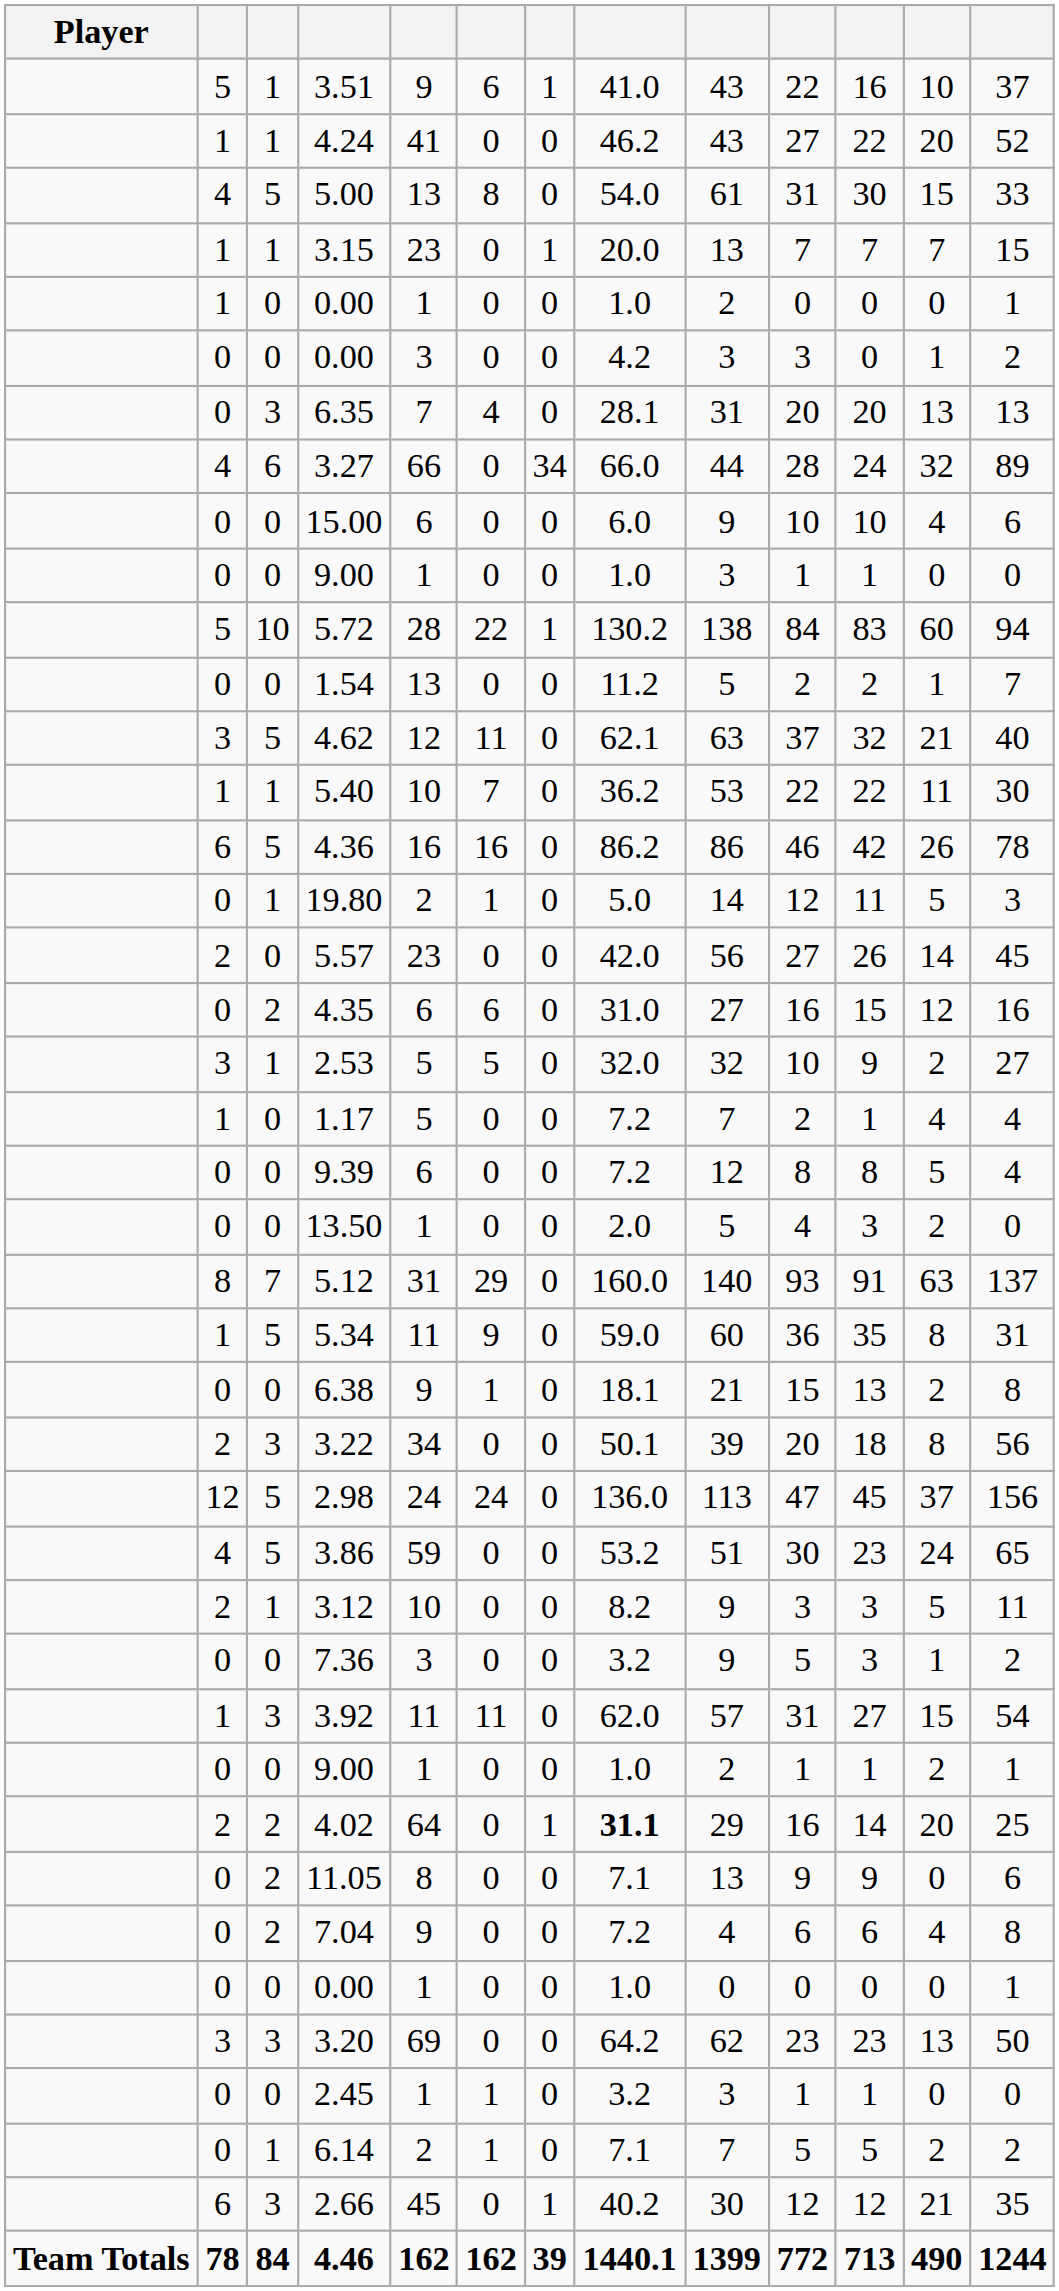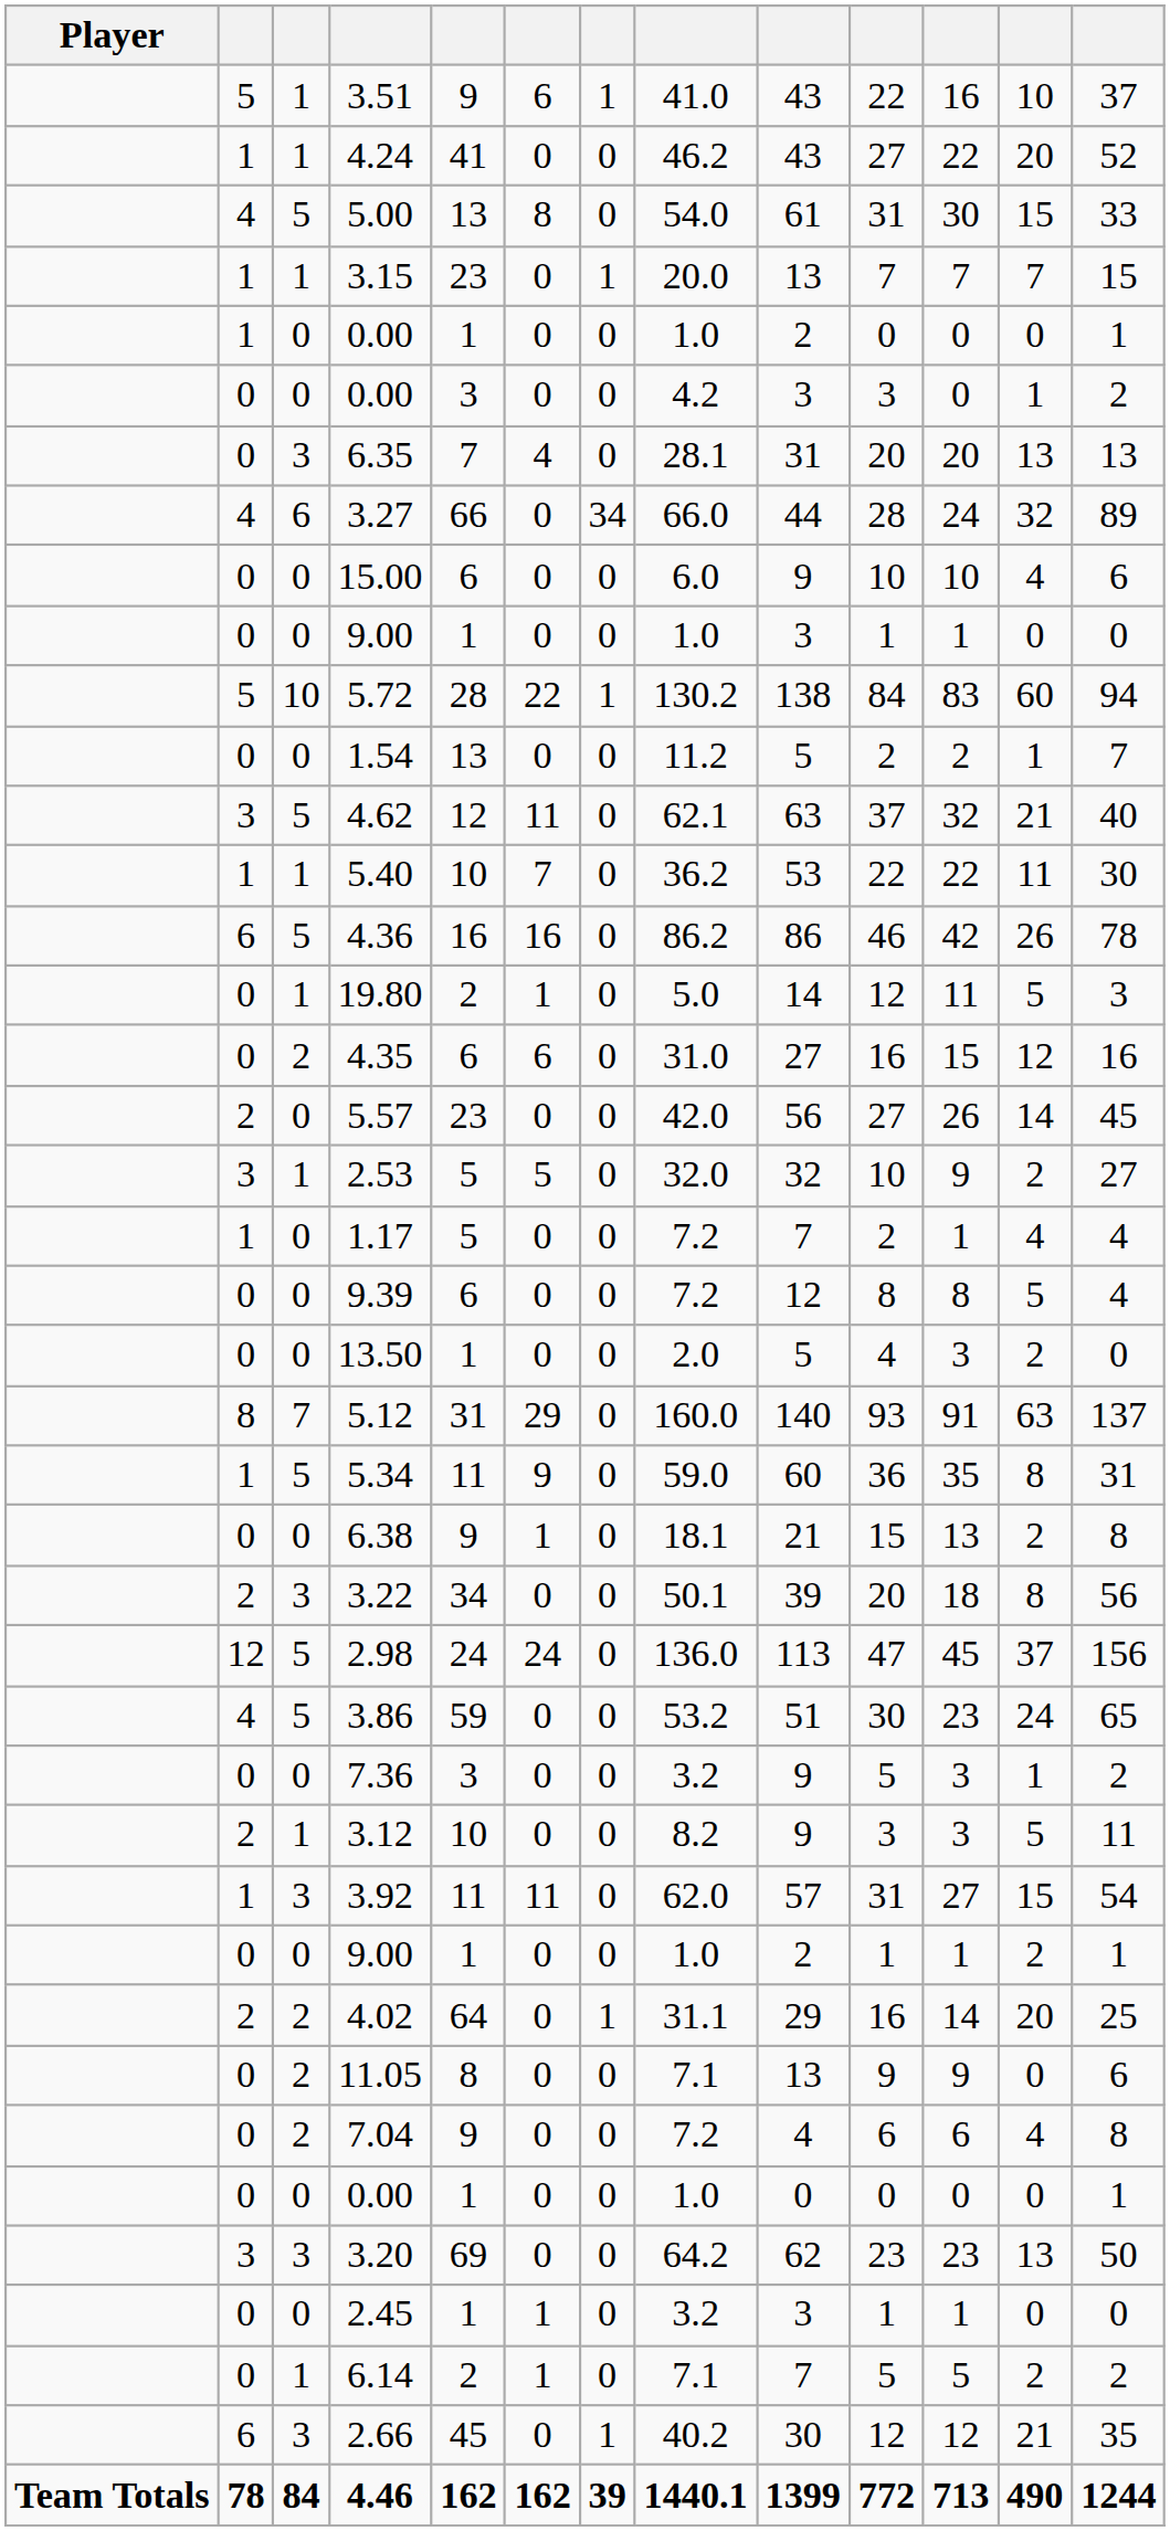 <table class="wikitable sortable" style="text-align:center;">
 <tr>
 <th>Player</th>
 <th></th>
 <th></th>
 <th></th>
 <th></th>
 <th></th>
 <th></th>
 <th></th>
 <th></th>
 <th></th>
 <th></th>
 <th></th>
 <th></th>
 </tr>
 <tr>
 <td align=left></td>
 <td>5</td>
 <td>1</td>
 <td>3.51</td>
 <td>9</td>
 <td>6</td>
 <td>1</td>
 <td>41.0</td>
 <td>43</td>
 <td>22</td>
 <td>16</td>
 <td>10</td>
 <td>37</td>
 </tr>
 <tr>
 <td align=left></td>
 <td>1</td>
 <td>1</td>
 <td>4.24</td>
 <td>41</td>
 <td>0</td>
 <td>0</td>
 <td>46.2</td>
 <td>43</td>
 <td>27</td>
 <td>22</td>
 <td>20</td>
 <td>52</td>
 </tr>
 <tr>
 <td align=left></td>
 <td>4</td>
 <td>5</td>
 <td>5.00</td>
 <td>13</td>
 <td>8</td>
 <td>0</td>
 <td>54.0</td>
 <td>61</td>
 <td>31</td>
 <td>30</td>
 <td>15</td>
 <td>33</td>
 </tr>
 <tr>
 <td align=left><strong></strong></td>
 <td>1</td>
 <td>1</td>
 <td>3.15</td>
 <td>23</td>
 <td>0</td>
 <td>1</td>
 <td>20.0</td>
 <td>13</td>
 <td>7</td>
 <td>7</td>
 <td>7</td>
 <td>15</td>
 </tr>
 <tr>
 <td align=left></td>
 <td>1</td>
 <td>0</td>
 <td>0.00</td>
 <td>1</td>
 <td>0</td>
 <td>0</td>
 <td>1.0</td>
 <td>2</td>
 <td>0</td>
 <td>0</td>
 <td>0</td>
 <td>1</td>
 </tr>
 <tr>
 <td align=left></td>
 <td>0</td>
 <td>0</td>
 <td>0.00</td>
 <td>3</td>
 <td>0</td>
 <td>0</td>
 <td>4.2</td>
 <td>3</td>
 <td>3</td>
 <td>0</td>
 <td>1</td>
 <td>2</td>
 </tr>
 <tr>
 <td align=left><strong></strong></td>
 <td>0</td>
 <td>3</td>
 <td>6.35</td>
 <td>7</td>
 <td>4</td>
 <td>0</td>
 <td>28.1</td>
 <td>31</td>
 <td>20</td>
 <td>20</td>
 <td>13</td>
 <td>13</td>
 </tr>
 <tr>
 <td align=left><strong></strong></td>
 <td>4</td>
 <td>6</td>
 <td>3.27</td>
 <td>66</td>
 <td>0</td>
 <td>34</td>
 <td>66.0</td>
 <td>44</td>
 <td>28</td>
 <td>24</td>
 <td>32</td>
 <td>89</td>
 </tr>
 <tr>
 <td align=left></td>
 <td>0</td>
 <td>0</td>
 <td>15.00</td>
 <td>6</td>
 <td>0</td>
 <td>0</td>
 <td>6.0</td>
 <td>9</td>
 <td>10</td>
 <td>10</td>
 <td>4</td>
 <td>6</td>
 </tr>
 <tr>
 <td align=left></td>
 <td>0</td>
 <td>0</td>
 <td>9.00</td>
 <td>1</td>
 <td>0</td>
 <td>0</td>
 <td>1.0</td>
 <td>3</td>
 <td>1</td>
 <td>1</td>
 <td>0</td>
 <td>0</td>
 </tr>
 <tr>
 <td align=left></td>
 <td>5</td>
 <td>10</td>
 <td>5.72</td>
 <td>28</td>
 <td>22</td>
 <td>1</td>
 <td>130.2</td>
 <td>138</td>
 <td>84</td>
 <td>83</td>
 <td>60</td>
 <td>94</td>
 </tr>
 <tr>
 <td align=left></td>
 <td>0</td>
 <td>0</td>
 <td>1.54</td>
 <td>13</td>
 <td>0</td>
 <td>0</td>
 <td>11.2</td>
 <td>5</td>
 <td>2</td>
 <td>2</td>
 <td>1</td>
 <td>7</td>
 </tr>
 <tr>
 <td align=left></td>
 <td>3</td>
 <td>5</td>
 <td>4.62</td>
 <td>12</td>
 <td>11</td>
 <td>0</td>
 <td>62.1</td>
 <td>63</td>
 <td>37</td>
 <td>32</td>
 <td>21</td>
 <td>40</td>
 </tr>
 <tr>
 <td align=left><strong></strong></td>
 <td>1</td>
 <td>1</td>
 <td>5.40</td>
 <td>10</td>
 <td>7</td>
 <td>0</td>
 <td>36.2</td>
 <td>53</td>
 <td>22</td>
 <td>22</td>
 <td>11</td>
 <td>30</td>
 </tr>
 <tr>
 <td align=left></td>
 <td>6</td>
 <td>5</td>
 <td>4.36</td>
 <td>16</td>
 <td>16</td>
 <td>0</td>
 <td>86.2</td>
 <td>86</td>
 <td>46</td>
 <td>42</td>
 <td>26</td>
 <td>78</td>
 </tr>
 <tr>
 <td align=left></td>
 <td>0</td>
 <td>1</td>
 <td>19.80</td>
 <td>2</td>
 <td>1</td>
 <td>0</td>
 <td>5.0</td>
 <td>14</td>
 <td>12</td>
 <td>11</td>
 <td>5</td>
 <td>3</td>
 </tr>
 <tr>
+<td align=left></td>
+<td>0</td>
+<td>2</td>
+<td>4.35</td>
+<td>6</td>
+<td>6</td>
+<td>0</td>
+<td>31.0</td>
+<td>27</td>
+<td>16</td>
+<td>15</td>
+<td>12</td>
+<td>16</td>
+</tr>
+<tr>
 <td align=left><strong></strong></td>
 <td>2</td>
 <td>0</td>
 <td>5.57</td>
 <td>23</td>
 <td>0</td>
 <td>0</td>
 <td>42.0</td>
 <td>56</td>
 <td>27</td>
 <td>26</td>
 <td>14</td>
 <td>45</td>
-</tr>
-<tr>
-<td align=left></td>
-<td>0</td>
-<td>2</td>
-<td>4.35</td>
-<td>6</td>
-<td>6</td>
-<td>0</td>
-<td>31.0</td>
-<td>27</td>
-<td>16</td>
-<td>15</td>
-<td>12</td>
-<td>16</td>
 </tr>
 <tr>
 <td align=left></td>
 <td>3</td>
 <td>1</td>
 <td>2.53</td>
 <td>5</td>
 <td>5</td>
 <td>0</td>
 <td>32.0</td>
 <td>32</td>
 <td>10</td>
 <td>9</td>
 <td>2</td>
 <td>27</td>
 </tr>
 <tr>
 <td align=left></td>
 <td>1</td>
 <td>0</td>
 <td>1.17</td>
 <td>5</td>
 <td>0</td>
 <td>0</td>
 <td>7.2</td>
 <td>7</td>
 <td>2</td>
 <td>1</td>
 <td>4</td>
 <td>4</td>
 </tr>
 <tr>
 <td align=left></td>
 <td>0</td>
 <td>0</td>
 <td>9.39</td>
 <td>6</td>
 <td>0</td>
 <td>0</td>
 <td>7.2</td>
 <td>12</td>
 <td>8</td>
 <td>8</td>
 <td>5</td>
 <td>4</td>
 </tr>
 <tr>
 <td align=left></td>
 <td>0</td>
 <td>0</td>
 <td>13.50</td>
 <td>1</td>
 <td>0</td>
 <td>0</td>
 <td>2.0</td>
 <td>5</td>
 <td>4</td>
 <td>3</td>
 <td>2</td>
 <td>0</td>
 </tr>
 <tr>
 <td align=left></td>
 <td>8</td>
 <td>7</td>
 <td>5.12</td>
 <td>31</td>
 <td>29</td>
 <td>0</td>
 <td>160.0</td>
 <td>140</td>
 <td>93</td>
 <td>91</td>
 <td>63</td>
 <td>137</td>
 </tr>
 <tr>
 <td align=left></td>
 <td>1</td>
 <td>5</td>
 <td>5.34</td>
 <td>11</td>
 <td>9</td>
 <td>0</td>
 <td>59.0</td>
 <td>60</td>
 <td>36</td>
 <td>35</td>
 <td>8</td>
 <td>31</td>
 </tr>
 <tr>
 <td align=left></td>
 <td>0</td>
 <td>0</td>
 <td>6.38</td>
 <td>9</td>
 <td>1</td>
 <td>0</td>
 <td>18.1</td>
 <td>21</td>
 <td>15</td>
 <td>13</td>
 <td>2</td>
 <td>8</td>
 </tr>
 <tr>
 <td align=left><strong></strong></td>
 <td>2</td>
 <td>3</td>
 <td>3.22</td>
 <td>34</td>
 <td>0</td>
 <td>0</td>
 <td>50.1</td>
 <td>39</td>
 <td>20</td>
 <td>18</td>
 <td>8</td>
 <td>56</td>
 </tr>
 <tr>
 <td align=left><strong></strong></td>
 <td>12</td>
 <td>5</td>
 <td>2.98</td>
 <td>24</td>
 <td>24</td>
 <td>0</td>
 <td>136.0</td>
 <td>113</td>
 <td>47</td>
 <td>45</td>
 <td>37</td>
 <td>156</td>
 </tr>
 <tr>
 <td align=left></td>
 <td>4</td>
 <td>5</td>
 <td>3.86</td>
 <td>59</td>
 <td>0</td>
 <td>0</td>
 <td>53.2</td>
 <td>51</td>
 <td>30</td>
 <td>23</td>
 <td>24</td>
 <td>65</td>
 </tr>
 <tr>
+<td align=left></td>
+<td>0</td>
+<td>0</td>
+<td>7.36</td>
+<td>3</td>
+<td>0</td>
+<td>0</td>
+<td>3.2</td>
+<td>9</td>
+<td>5</td>
+<td>3</td>
+<td>1</td>
+<td>2</td>
+</tr>
+<tr>
 <td align=left><strong></strong></td>
 <td>2</td>
 <td>1</td>
 <td>3.12</td>
 <td>10</td>
 <td>0</td>
 <td>0</td>
 <td>8.2</td>
 <td>9</td>
 <td>3</td>
 <td>3</td>
 <td>5</td>
 <td>11</td>
-</tr>
-<tr>
-<td align=left></td>
-<td>0</td>
-<td>0</td>
-<td>7.36</td>
-<td>3</td>
-<td>0</td>
-<td>0</td>
-<td>3.2</td>
-<td>9</td>
-<td>5</td>
-<td>3</td>
-<td>1</td>
-<td>2</td>
 </tr>
 <tr>
 <td align=left><strong></strong></td>
 <td>1</td>
 <td>3</td>
 <td>3.92</td>
 <td>11</td>
 <td>11</td>
 <td>0</td>
 <td>62.0</td>
 <td>57</td>
 <td>31</td>
 <td>27</td>
 <td>15</td>
 <td>54</td>
 </tr>
 <tr>
 <td align=left></td>
 <td>0</td>
 <td>0</td>
 <td>9.00</td>
 <td>1</td>
 <td>0</td>
 <td>0</td>
 <td>1.0</td>
 <td>2</td>
 <td>1</td>
 <td>1</td>
 <td>2</td>
 <td>1</td>
 </tr>
 <tr>
 <td align=left></td>
 <td>2</td>
 <td>2</td>
 <td>4.02</td>
 <td>64</td>
 <td>0</td>
 <td>1</td>
-<td><strong>31.1</strong></td>
+<td>31.1</td>
 <td>29</td>
 <td>16</td>
 <td>14</td>
 <td>20</td>
 <td>25</td>
 </tr>
 <tr>
 <td align=left></td>
 <td>0</td>
 <td>2</td>
 <td>11.05</td>
 <td>8</td>
 <td>0</td>
 <td>0</td>
 <td>7.1</td>
 <td>13</td>
 <td>9</td>
 <td>9</td>
 <td>0</td>
 <td>6</td>
 </tr>
 <tr>
 <td align=left></td>
 <td>0</td>
 <td>2</td>
 <td>7.04</td>
 <td>9</td>
 <td>0</td>
 <td>0</td>
 <td>7.2</td>
 <td>4</td>
 <td>6</td>
 <td>6</td>
 <td>4</td>
 <td>8</td>
 </tr>
 <tr>
 <td align=left></td>
 <td>0</td>
 <td>0</td>
 <td>0.00</td>
 <td>1</td>
 <td>0</td>
 <td>0</td>
 <td>1.0</td>
 <td>0</td>
 <td>0</td>
 <td>0</td>
 <td>0</td>
 <td>1</td>
 </tr>
 <tr>
 <td align=left></td>
 <td>3</td>
 <td>3</td>
 <td>3.20</td>
 <td>69</td>
 <td>0</td>
 <td>0</td>
 <td>64.2</td>
 <td>62</td>
 <td>23</td>
 <td>23</td>
 <td>13</td>
 <td>50</td>
 </tr>
 <tr>
 <td align=left><strong></strong></td>
 <td>0</td>
 <td>0</td>
 <td>2.45</td>
 <td>1</td>
 <td>1</td>
 <td>0</td>
 <td>3.2</td>
 <td>3</td>
 <td>1</td>
 <td>1</td>
 <td>0</td>
 <td>0</td>
 </tr>
 <tr>
 <td align=left></td>
 <td>0</td>
 <td>1</td>
 <td>6.14</td>
 <td>2</td>
 <td>1</td>
 <td>0</td>
 <td>7.1</td>
 <td>7</td>
 <td>5</td>
 <td>5</td>
 <td>2</td>
 <td>2</td>
 </tr>
 <tr>
 <td align=left></td>
 <td>6</td>
 <td>3</td>
 <td>2.66</td>
 <td>45</td>
 <td>0</td>
 <td>1</td>
 <td>40.2</td>
 <td>30</td>
 <td>12</td>
 <td>12</td>
 <td>21</td>
 <td>35</td>
 </tr>
 <tr>
 <td align=left><strong>Team Totals</strong></td>
 <td><strong>78</strong></td>
 <td><strong>84</strong></td>
 <td><strong>4.46</strong></td>
 <td><strong>162</strong></td>
 <td><strong>162</strong></td>
 <td><strong>39</strong></td>
 <td><strong>1440.1</strong></td>
 <td><strong>1399</strong></td>
 <td><strong>772</strong></td>
 <td><strong>713</strong></td>
 <td><strong>490</strong></td>
 <td><strong>1244</strong></td>
 </tr>
 <tr class=="sortbottom">
 </tr>
 </table>
